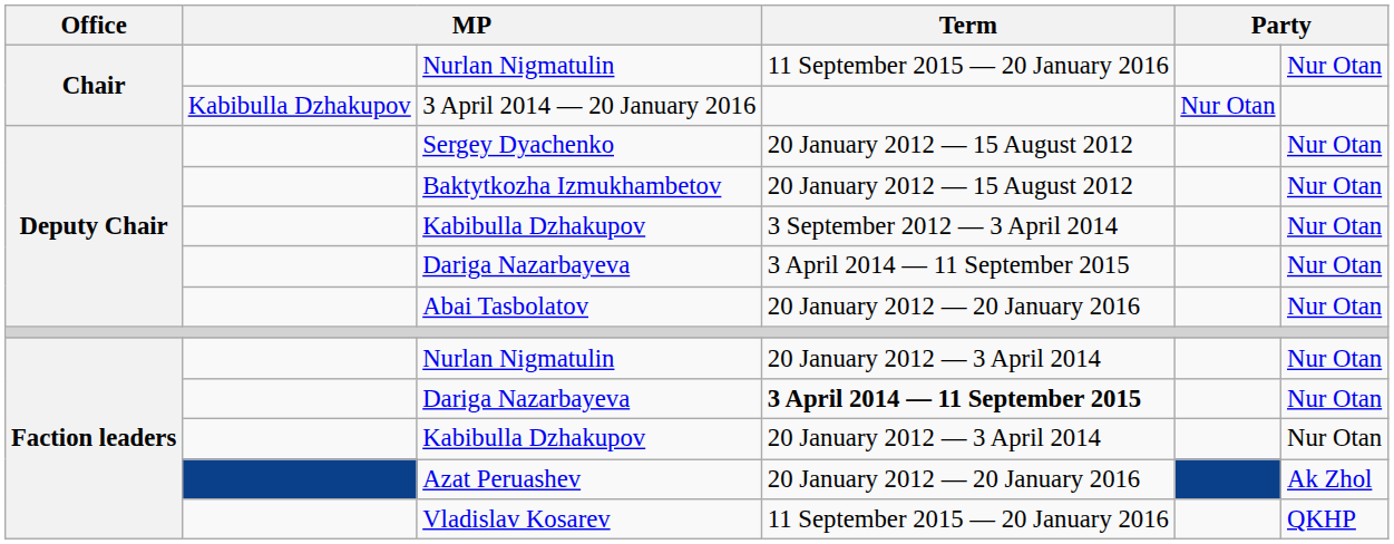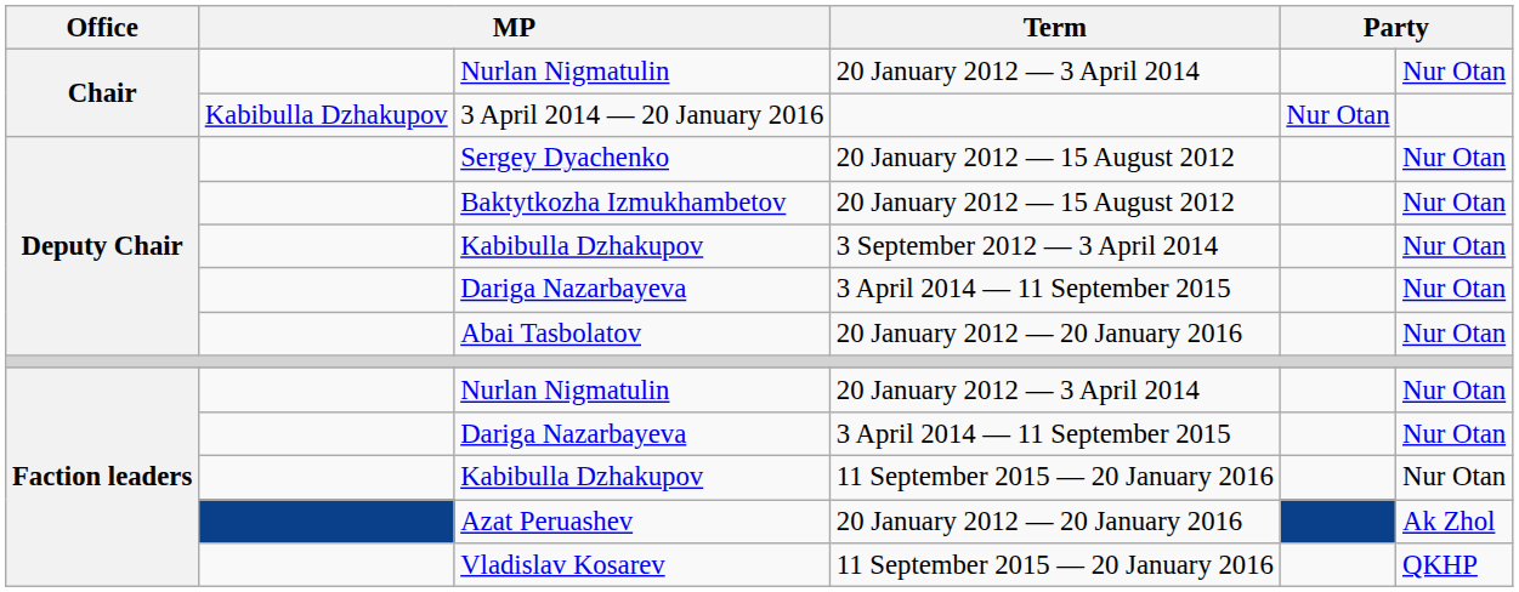 <table class="wikitable">
 <tr>
 <th>Office</th>
 <th colspan="2">MP</th>
 <th>Term</th>
 <th colspan="2">Party</th>
 </tr>
 <tr>
 <th rowspan="2">Chair</th>
 <td style="background-color:"></td>
 <td><a href='#'>Nurlan Nigmatulin</a></td>
-<td>11 September 2015 — 20 January 2016</td>
+<td>20 January 2012 — 3 April 2014</td>
 <td style="background-color:"></td>
 <td><a href='#'>Nur Otan</a></td>
 </tr>
 <tr>
 <td><a href='#'>Kabibulla Dzhakupov</a></td>
 <td>3 April 2014 — 20 January 2016</td>
 <td style="background-color:"></td>
 <td><a href='#'>Nur Otan</a></td>
 </tr>
 <tr>
 <th rowspan="5">Deputy Chair</th>
 <td style="background-color:"></td>
 <td><a href='#'>Sergey Dyachenko</a></td>
 <td>20 January 2012 — 15 August 2012</td>
 <td style="background-color:"></td>
 <td><a href='#'>Nur Otan</a></td>
 </tr>
 <tr>
 <td style="background-color:"></td>
 <td><a href='#'>Baktytkozha Izmukhambetov</a></td>
 <td>20 January 2012 — 15 August 2012</td>
 <td style="background-color:"></td>
 <td><a href='#'>Nur Otan</a></td>
 </tr>
 <tr>
 <td style="background-color:"></td>
 <td><a href='#'>Kabibulla Dzhakupov</a></td>
 <td>3 September 2012 — 3 April 2014</td>
 <td style="background-color:"></td>
 <td><a href='#'>Nur Otan</a></td>
 </tr>
 <tr>
 <td style="background-color:"></td>
 <td><a href='#'>Dariga Nazarbayeva</a></td>
 <td>3 April 2014 — 11 September 2015</td>
 <td style="background-color:"></td>
 <td><a href='#'>Nur Otan</a></td>
 </tr>
 <tr>
 <td style="background-color:"></td>
 <td><a href='#'>Abai Tasbolatov</a></td>
 <td>20 January 2012 — 20 January 2016</td>
 <td style="background-color:"></td>
 <td><a href='#'>Nur Otan</a></td>
 </tr>
 <tr>
 <td bgcolor="lightgrey" colspan="7"></td>
 </tr>
 <tr>
 <th rowspan="5">Faction leaders</th>
 <td style="background-color:"></td>
 <td><a href='#'>Nurlan Nigmatulin</a></td>
 <td>20 January 2012 — 3 April 2014</td>
 <td style="background-color:"></td>
 <td><a href='#'>Nur Otan</a></td>
 </tr>
 <tr>
 <td style="background-color:"></td>
 <td><a href='#'>Dariga Nazarbayeva</a></td>
-<td><strong>3 April 2014 — 11 September 2015</strong></td>
+<td>3 April 2014 — 11 September 2015</td>
 <td style="background-color:"></td>
 <td><a href='#'>Nur Otan</a></td>
 </tr>
 <tr>
 <td style="background-color:"></td>
 <td><a href='#'>Kabibulla Dzhakupov</a></td>
-<td>20 January 2012 — 3 April 2014</td>
+<td>11 September 2015 — 20 January 2016</td>
 <td style="background-color:"></td>
 <td>Nur Otan</td>
 </tr>
 <tr>
 <td style="background-color:#0A408A"></td>
 <td><a href='#'>Azat Peruashev</a></td>
 <td>20 January 2012 — 20 January 2016</td>
 <td style="background-color:#0A408A"></td>
 <td><a href='#'>Ak Zhol</a></td>
 </tr>
 <tr>
 <td style="background-color:"></td>
 <td><a href='#'>Vladislav Kosarev</a></td>
 <td>11 September 2015 — 20 January 2016</td>
 <td style="background-color:"></td>
 <td><a href='#'>QKHP</a></td>
 </tr>
 </table>
